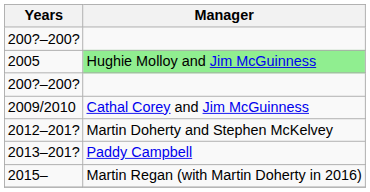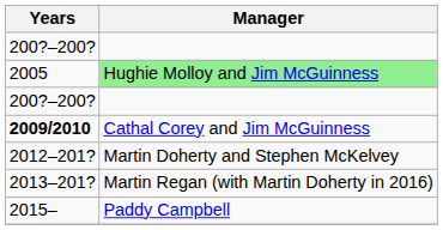 <table class="wikitable">
 <tr>
 <th>Years</th>
 <th>Manager</th>
 </tr>
 <tr>
 <td>200?–200?</td>
 <td></td>
 </tr>
 <tr>
 <td> 2005</td>
 <td style="background: lightgreen;">Hughie Molloy and <a href='#'>Jim McGuinness</a></td>
 </tr>
 <tr>
 <td>200?–200?</td>
 <td></td>
 </tr>
 <tr>
-<td> 2009/2010</td>
+<td><strong> 2009/2010</strong></td>
 <td><a href='#'>Cathal Corey</a> and <a href='#'>Jim McGuinness</a></td>
 </tr>
 <tr>
 <td> 2012–201?</td>
 <td>Martin Doherty and Stephen McKelvey</td>
 </tr>
 <tr>
 <td>2013–201?</td>
-<td><a href='#'>Paddy Campbell</a></td>
+<td>Martin Regan (with Martin Doherty in 2016)</td>
 </tr>
 <tr>
 <td>2015–</td>
-<td>Martin Regan (with Martin Doherty in 2016)</td>
+<td><a href='#'>Paddy Campbell</a></td>
 </tr>
 <tr>
 </tr>
 </table>
